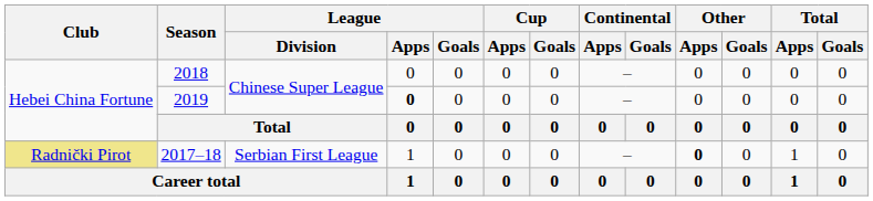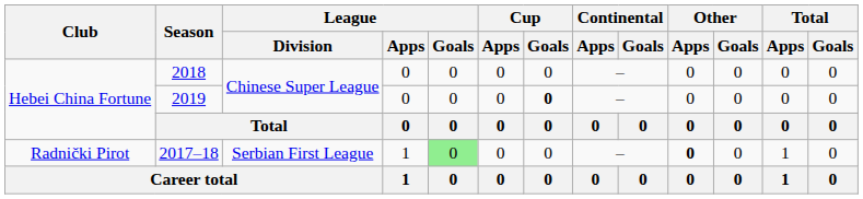 <table class="wikitable" style="text-align: center">
 <tr>
 <th rowspan="2">Club</th>
 <th rowspan="2">Season</th>
 <th colspan="3">League</th>
 <th colspan="2">Cup</th>
 <th colspan="2">Continental</th>
 <th colspan="2">Other</th>
 <th colspan="2">Total</th>
 </tr>
 <tr>
 <th>Division</th>
 <th>Apps</th>
 <th>Goals</th>
 <th>Apps</th>
 <th>Goals</th>
 <th>Apps</th>
 <th>Goals</th>
 <th>Apps</th>
 <th>Goals</th>
 <th>Apps</th>
 <th>Goals</th>
 </tr>
 <tr>
 <td rowspan="3"><a href='#'>Hebei China Fortune</a></td>
 <td><a href='#'>2018</a></td>
 <td rowspan="2"><a href='#'>Chinese Super League</a></td>
 <td>0</td>
 <td>0</td>
 <td>0</td>
 <td>0</td>
 <td colspan="2">–</td>
 <td>0</td>
 <td>0</td>
 <td>0</td>
 <td>0</td>
 </tr>
 <tr>
 <td><a href='#'>2019</a></td>
-<td><strong>0</strong></td>
 <td>0</td>
 <td>0</td>
 <td>0</td>
+<td><strong>0</strong></td>
 <td colspan="2">–</td>
 <td>0</td>
 <td>0</td>
 <td>0</td>
 <td>0</td>
 </tr>
 <tr>
 <th colspan=2>Total</th>
 <th>0</th>
 <th>0</th>
 <th>0</th>
 <th>0</th>
 <th>0</th>
 <th>0</th>
 <th>0</th>
 <th>0</th>
 <th>0</th>
 <th>0</th>
 </tr>
 <tr>
-<td style="background: khaki;"><a href='#'>Radnički Pirot</a></td>
+<td><a href='#'>Radnički Pirot</a></td>
 <td><a href='#'>2017–18</a></td>
 <td><a href='#'>Serbian First League</a></td>
 <td>1</td>
-<td>0</td>
+<td style="background: lightgreen;">0</td>
 <td>0</td>
 <td>0</td>
 <td colspan="2">–</td>
 <td><strong>0</strong></td>
 <td>0</td>
 <td>1</td>
 <td>0</td>
 </tr>
 <tr>
 <th colspan=3>Career total</th>
 <th>1</th>
 <th>0</th>
 <th>0</th>
 <th>0</th>
 <th>0</th>
 <th>0</th>
 <th>0</th>
 <th>0</th>
 <th>1</th>
 <th>0</th>
 </tr>
 </table>
